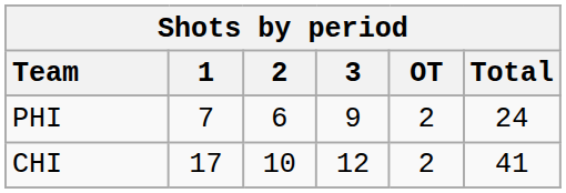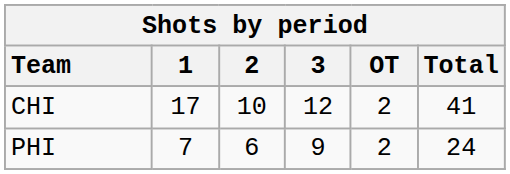 <table class="wikitable" style="width:20em; text-align:right;">
 <tr>
 <th colspan=6>Shots by period</th>
 </tr>
 <tr>
 <th style="width:8em; text-align:left;">Team</th>
 <th style="width:3em;">1</th>
 <th style="width:3em;">2</th>
 <th style="width:3em;">3</th>
 <th style="width:3em;">OT</th>
 <th style="width:3em;">Total</th>
 </tr>
 <tr style="text-align:center;">
+<td style="text-align:left;">CHI</td>
+<td>17</td>
+<td>10</td>
+<td>12</td>
+<td>2</td>
+<td>41</td>
+</tr>
+<tr style="text-align:center;">
 <td style="text-align:left;">PHI</td>
 <td>7</td>
 <td>6</td>
 <td>9</td>
 <td>2</td>
 <td>24</td>
 </tr>
-<tr style="text-align:center;">
-<td style="text-align:left;">CHI</td>
-<td>17</td>
-<td>10</td>
-<td>12</td>
-<td>2</td>
-<td>41</td>
-</tr>
 </table>
